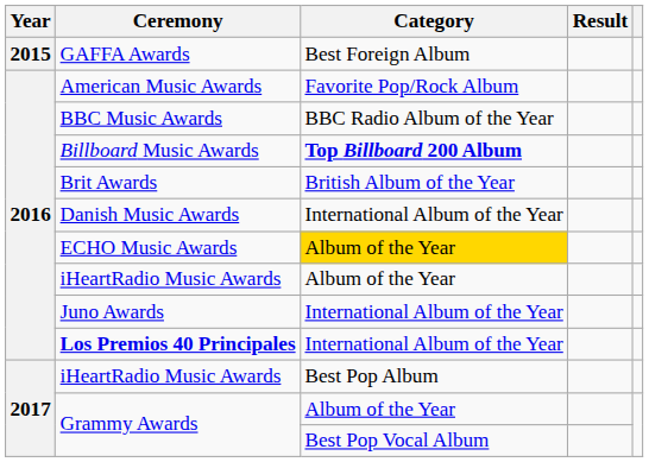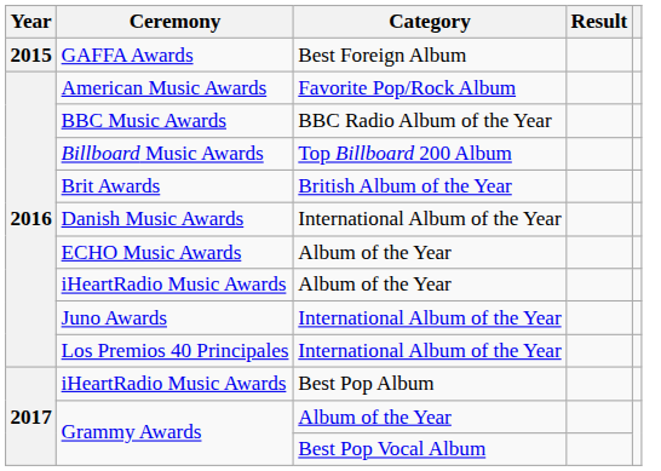 <table class="wikitable sortable plainrowheaders">
 <tr>
 <th scope="col">Year</th>
 <th scope="col">Ceremony</th>
 <th scope="col">Category</th>
 <th scope="col">Result</th>
 <th scope="col" class="unsortable"></th>
 </tr>
 <tr>
 <th scope="row">2015</th>
 <td><a href='#'>GAFFA Awards</a></td>
 <td>Best Foreign Album</td>
 <td></td>
 <td style="text-align:center;" rowspan="1"></td>
 </tr>
 <tr>
 <th rowspan="9" scope="row">2016</th>
 <td><a href='#'>American Music Awards</a></td>
 <td><a href='#'>Favorite Pop/Rock Album</a></td>
 <td></td>
 <td align="center"></td>
 </tr>
 <tr>
 <td><a href='#'>BBC Music Awards</a></td>
 <td>BBC Radio Album of the Year</td>
 <td></td>
 <td style="text-align: center;"></td>
 </tr>
 <tr>
 <td><a href='#'><em>Billboard</em> Music Awards</a></td>
-<td><strong><a href='#'>Top <em>Billboard</em> 200 Album</a></strong></td>
+<td><a href='#'>Top <em>Billboard</em> 200 Album</a></td>
 <td></td>
 <td style="text-align: center;"></td>
 </tr>
 <tr>
 <td><a href='#'>Brit Awards</a></td>
 <td><a href='#'>British Album of the Year</a></td>
 <td></td>
 <td style="text-align:center;"></td>
 </tr>
 <tr>
 <td><a href='#'>Danish Music Awards</a></td>
 <td>International Album of the Year</td>
 <td></td>
 <td style="text-align:center;"></td>
 </tr>
 <tr>
 <td><a href='#'>ECHO Music Awards</a></td>
-<td style="background: gold;">Album of the Year</td>
+<td>Album of the Year</td>
 <td></td>
 <td style="text-align:center;"><br></td>
 </tr>
 <tr>
 <td><a href='#'>iHeartRadio Music Awards</a></td>
 <td>Album of the Year</td>
 <td></td>
 <td style="text-align:center;"><br></td>
 </tr>
 <tr>
 <td><a href='#'>Juno Awards</a></td>
 <td><a href='#'>International Album of the Year</a></td>
 <td></td>
 <td style="text-align:center;"></td>
 </tr>
 <tr>
-<td><strong><a href='#'>Los Premios 40 Principales</a></strong></td>
+<td><a href='#'>Los Premios 40 Principales</a></td>
 <td><a href='#'>International Album of the Year</a></td>
 <td></td>
 <td style="text-align:center;"></td>
 </tr>
 <tr>
 <th rowspan="3" scope="row">2017</th>
 <td><a href='#'>iHeartRadio Music Awards</a></td>
 <td>Best Pop Album</td>
 <td></td>
 <td style="text-align:center;" rowspan=1></td>
 </tr>
 <tr>
 <td rowspan="2"><a href='#'>Grammy Awards</a></td>
 <td><a href='#'>Album of the Year</a></td>
 <td></td>
 <td rowspan="2" style="text-align:center;"></td>
 </tr>
 <tr>
 <td><a href='#'>Best Pop Vocal Album</a></td>
 <td></td>
 </tr>
 </table>
